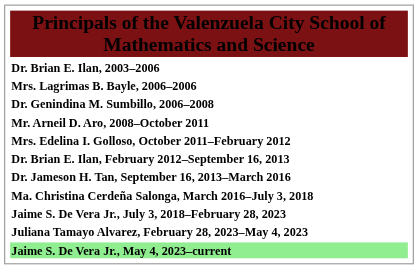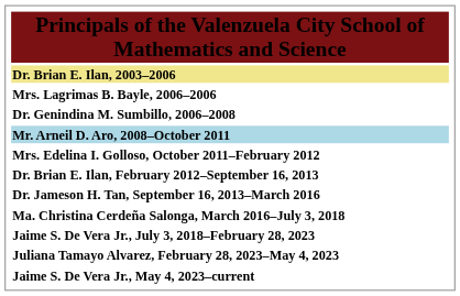 <table style="float:right; margin:1em; width:21em; border:1px solid #a0a0a0; padding:2px; bg-color=yellow; text-align:right;">
 <tr style="background:#7B1113; text-align:center;">
 <td><span><strong>Principals of the Valenzuela City School of Mathematics and Science</strong></span></td>
 </tr>
 <tr style="text-align:left; font-size:x-small;">
-<td><strong>Dr. Brian E. Ilan, 2003–2006</strong></td>
+<td style="background: khaki;"><strong>Dr. Brian E. Ilan, 2003–2006</strong></td>
 </tr>
 <tr style="text-align:left; font-size:x-small;">
 <td><strong>Mrs. Lagrimas B. Bayle, 2006–2006</strong></td>
 </tr>
 <tr style="text-align:left; font-size:x-small;">
 <td><strong>Dr. Genindina M. Sumbillo, 2006–2008</strong></td>
 </tr>
 <tr style="text-align:left; font-size:x-small;">
-<td><strong>Mr. Arneil D. Aro, 2008–October 2011</strong></td>
+<td style="background: lightblue;"><strong>Mr. Arneil D. Aro, 2008–October 2011</strong></td>
 </tr>
 <tr style="text-align:left; font-size:x-small;">
 <td><strong>Mrs. Edelina I. Golloso, October 2011–February 2012</strong></td>
 </tr>
 <tr style="text-align:left; font-size:x-small;">
 <td><strong>Dr. Brian E. Ilan, February 2012–September 16, 2013</strong></td>
 </tr>
 <tr style="text-align:left; font-size:x-small;">
 <td><strong>Dr. Jameson H. Tan, September 16, 2013–March 2016</strong></td>
 </tr>
 <tr style="text-align:left; font-size:x-small;">
 <td><strong>Ma. Christina Cerdeña Salonga, March 2016–July 3, 2018</strong></td>
 </tr>
 <tr style="text-align:left; font-size:x-small;">
 <td><strong>Jaime S. De Vera Jr., July 3, 2018–February 28, 2023</strong></td>
 </tr>
 <tr style="text-align:left; font-size:x-small;">
 <td><strong>Juliana Tamayo Alvarez, February 28, 2023–May 4, 2023 </strong></td>
 </tr>
 <tr style="text-align:left; font-size:x-small;">
-<td style="background: lightgreen;"><strong>Jaime S. De Vera Jr., May 4, 2023–current</strong></td>
+<td><strong>Jaime S. De Vera Jr., May 4, 2023–current</strong></td>
 </tr>
 </table>
